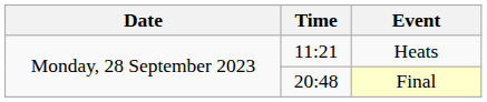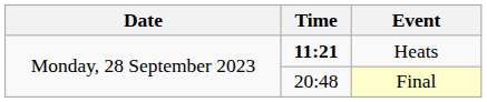 <table class = "wikitable" style="text-align:center;">
 <tr>
 <th width=220>Date</th>
 <th width=50>Time</th>
 <th width=100>Event</th>
 </tr>
 <tr>
 <td rowspan=2>Monday, 28 September 2023</td>
-<td>11:21</td>
+<td><strong>11:21</strong></td>
 <td>Heats</td>
 </tr>
 <tr>
 <td>20:48</td>
 <td bgcolor=ffffcc>Final</td>
 </tr>
 </table>
